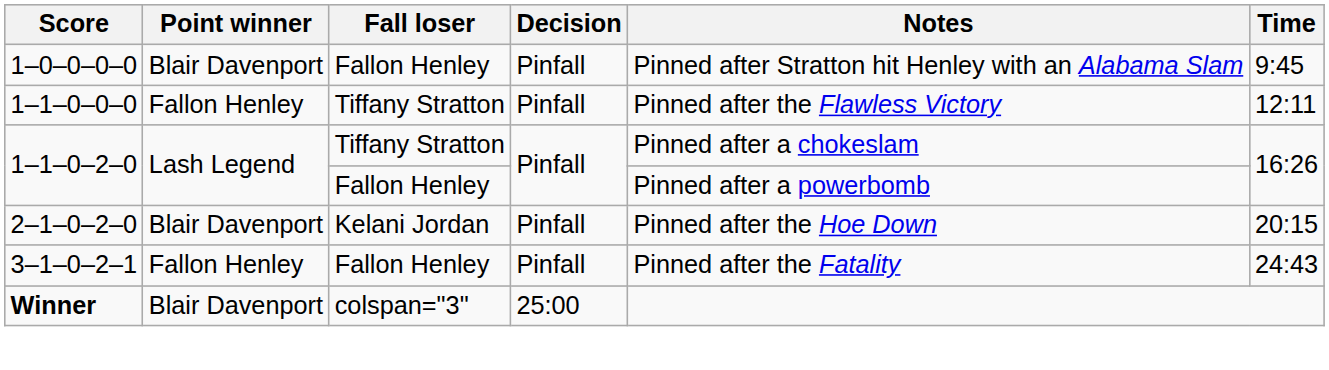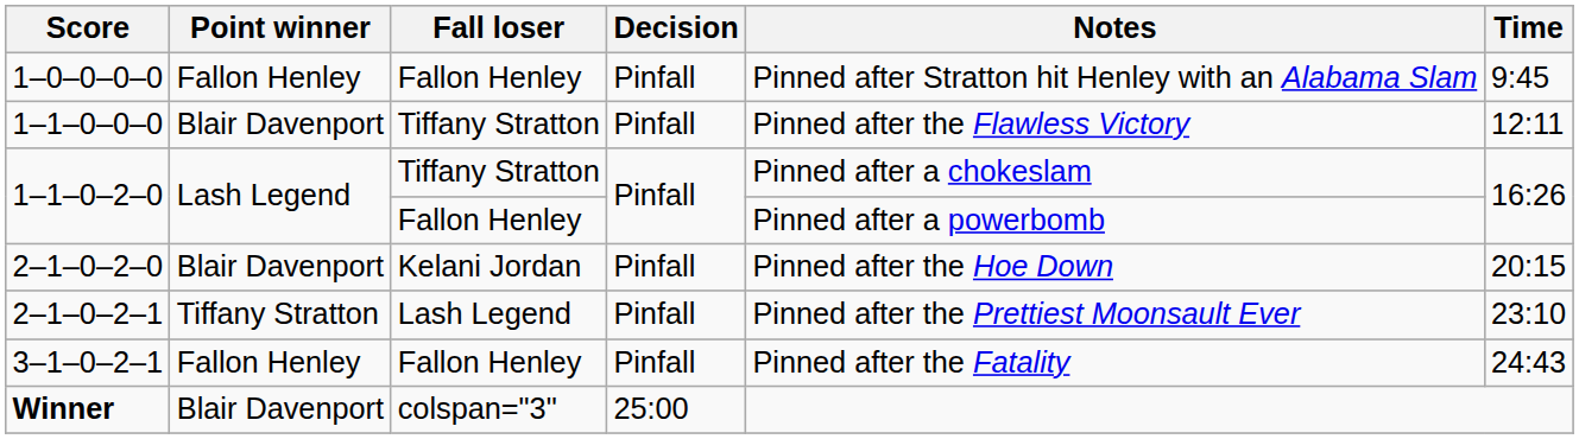 <table class="wikitable">
 <tr>
 <th>Score</th>
 <th>Point winner</th>
 <th>Fall loser</th>
 <th>Decision</th>
 <th>Notes</th>
 <th>Time</th>
 </tr>
 <tr>
 <td>1–0–0–0–0</td>
-<td>Blair Davenport</td>
+<td>Fallon Henley</td>
 <td>Fallon Henley</td>
 <td>Pinfall</td>
 <td>Pinned after Stratton hit Henley with an <em><a href='#'>Alabama Slam</a></em></td>
 <td>9:45</td>
 </tr>
 <tr>
 <td>1–1–0–0–0</td>
-<td>Fallon Henley</td>
+<td>Blair Davenport</td>
 <td>Tiffany Stratton</td>
 <td>Pinfall</td>
 <td>Pinned after the <em><a href='#'>Flawless Victory</a></em></td>
 <td>12:11</td>
 </tr>
 <tr>
 <td rowspan=2>1–1–0–2–0</td>
 <td rowspan=2>Lash Legend</td>
 <td>Tiffany Stratton</td>
 <td rowspan=2>Pinfall</td>
 <td>Pinned after a <a href='#'>chokeslam</a></td>
 <td rowspan=2>16:26</td>
 </tr>
 <tr>
 <td>Fallon Henley</td>
 <td>Pinned after a <a href='#'>powerbomb</a></td>
 </tr>
 <tr>
 <td>2–1–0–2–0</td>
 <td>Blair Davenport</td>
 <td>Kelani Jordan</td>
 <td>Pinfall</td>
 <td>Pinned after the <em><a href='#'>Hoe Down</a></em></td>
 <td>20:15</td>
 </tr>
 <tr>
+<td>2–1–0–2–1</td>
+<td>Tiffany Stratton</td>
+<td>Lash Legend</td>
+<td>Pinfall</td>
+<td>Pinned after the <em><a href='#'>Prettiest Moonsault Ever</a></em></td>
+<td>23:10</td>
+</tr>
+<tr>
 <td>3–1–0–2–1</td>
 <td>Fallon Henley</td>
 <td>Fallon Henley</td>
 <td>Pinfall</td>
 <td>Pinned after the <em><a href='#'>Fatality</a></em></td>
 <td>24:43</td>
 </tr>
 <tr>
 <td><strong>Winner</strong></td>
 <td>Blair Davenport</td>
 <td>colspan="3" </td>
 <td>25:00</td>
 </tr>
 </table>
